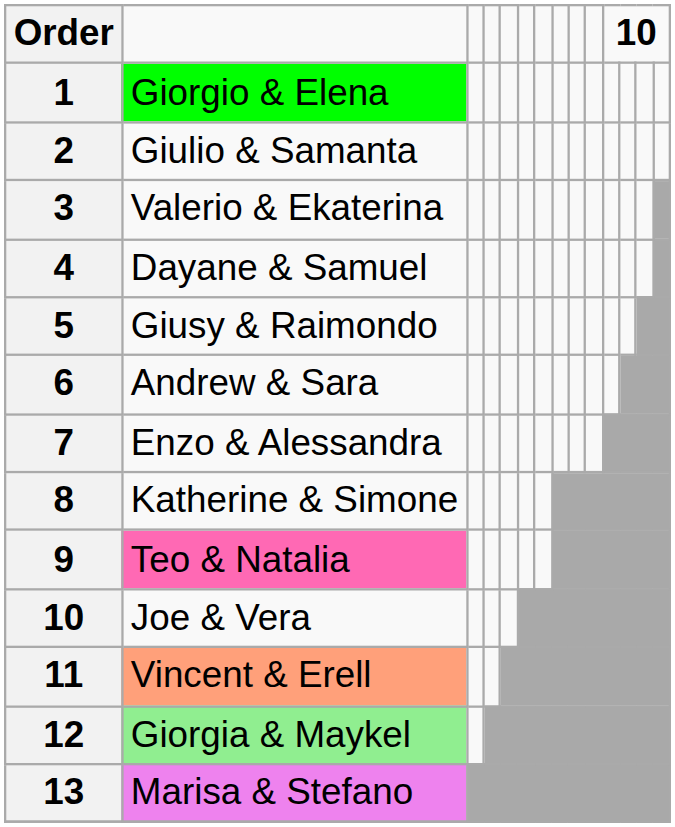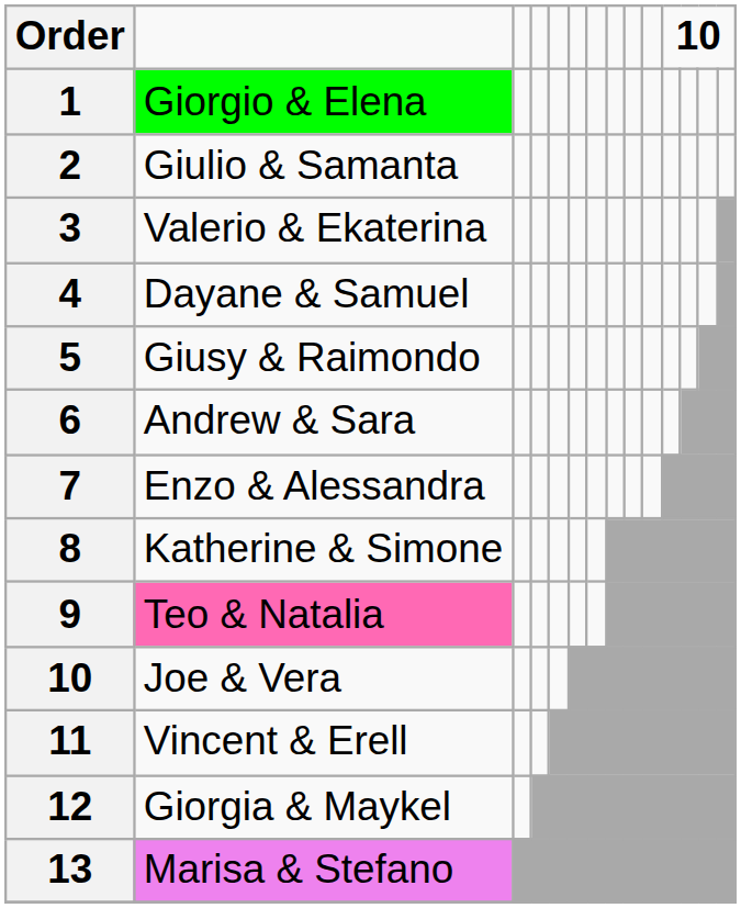 <table class="wikitable" align="center" width:125%%>
 <tr>
 <th>Order</th>
 <td></td>
 <td></td>
 <td></td>
 <td></td>
 <td></td>
 <td></td>
 <td></td>
 <td></td>
 <td></td>
 <td colspan=4 style="text-align:center;"><strong>10</strong></td>
 </tr>
 <tr>
 <th>1</th>
 <td bgcolor="lime">Giorgio & Elena</td>
 <td></td>
 <td></td>
 <td></td>
 <td></td>
 <td></td>
 <td></td>
 <td></td>
 <td></td>
 <td></td>
 <td></td>
 <td></td>
 <td></td>
 </tr>
 <tr>
 <th>2</th>
 <td>Giulio & Samanta</td>
 <td></td>
 <td></td>
 <td></td>
 <td></td>
 <td></td>
 <td></td>
 <td></td>
 <td></td>
 <td></td>
 <td></td>
 <td></td>
 <td></td>
 </tr>
 <tr>
 <th>3</th>
 <td>Valerio & Ekaterina</td>
 <td></td>
 <td></td>
 <td></td>
 <td></td>
 <td></td>
 <td></td>
 <td></td>
 <td></td>
 <td></td>
 <td></td>
 <td></td>
 <td bgcolor="darkgray" colspan="3"></td>
 </tr>
 <tr>
 <th>4</th>
 <td>Dayane & Samuel</td>
 <td></td>
 <td></td>
 <td></td>
 <td></td>
 <td></td>
 <td></td>
 <td></td>
 <td></td>
 <td></td>
 <td></td>
 <td></td>
 <td bgcolor="darkgray" colspan="3"></td>
 </tr>
 <tr>
 <th>5</th>
 <td>Giusy & Raimondo</td>
 <td></td>
 <td></td>
 <td></td>
 <td></td>
 <td></td>
 <td></td>
 <td></td>
 <td></td>
 <td></td>
 <td></td>
 <td bgcolor="darkgray" colspan="4"></td>
 </tr>
 <tr>
 <th>6</th>
 <td>Andrew & Sara</td>
 <td></td>
 <td></td>
 <td></td>
 <td></td>
 <td></td>
 <td></td>
 <td></td>
 <td></td>
 <td></td>
 <td bgcolor="darkgray" colspan="4"></td>
 </tr>
 <tr>
 <th>7</th>
 <td>Enzo & Alessandra</td>
 <td></td>
 <td></td>
 <td></td>
 <td></td>
 <td></td>
 <td></td>
 <td></td>
 <td></td>
 <td bgcolor="darkgray" colspan="5"></td>
 </tr>
 <tr>
 <th>8</th>
 <td>Katherine & Simone</td>
 <td></td>
 <td></td>
 <td></td>
 <td></td>
 <td></td>
 <td bgcolor="darkgray" colspan="8"></td>
 </tr>
 <tr>
 <th>9</th>
 <td bgcolor="hotpink">Teo & Natalia</td>
 <td></td>
 <td></td>
 <td></td>
 <td></td>
 <td></td>
 <td bgcolor="darkgray" colspan="9"></td>
 </tr>
 <tr>
 <th>10</th>
 <td>Joe & Vera</td>
 <td></td>
 <td></td>
 <td></td>
 <td bgcolor="darkgray" colspan="11"></td>
 </tr>
 <tr>
 <th>11</th>
-<td style="background: lightsalmon;">Vincent & Erell</td>
+<td>Vincent & Erell</td>
 <td></td>
 <td></td>
 <td bgcolor="darkgray" colspan="12"></td>
 </tr>
 <tr>
 <th>12</th>
-<td style="background: lightgreen;">Giorgia & Maykel</td>
+<td>Giorgia & Maykel</td>
 <td></td>
 <td bgcolor="darkgray" colspan="13"></td>
 </tr>
 <tr>
 <th>13</th>
 <td bgcolor="violet">Marisa & Stefano</td>
 <td bgcolor="darkgray" colspan="14"></td>
 </tr>
 <tr>
 </tr>
 </table>
